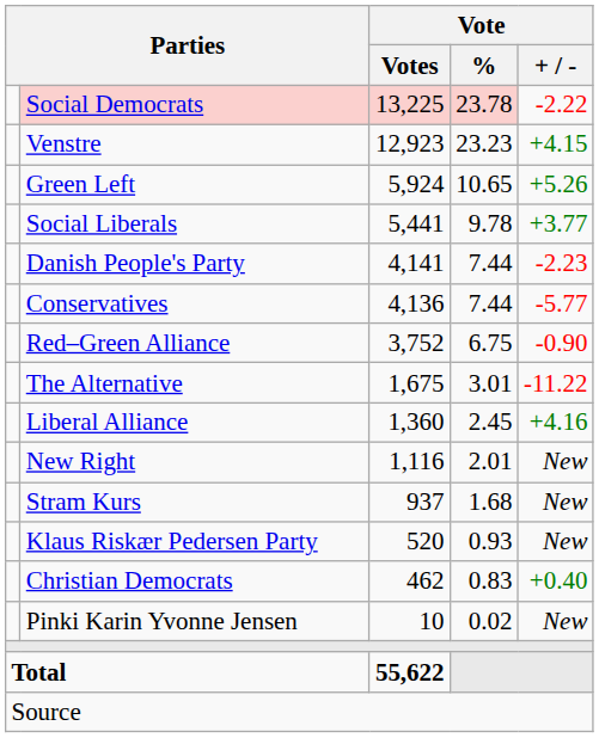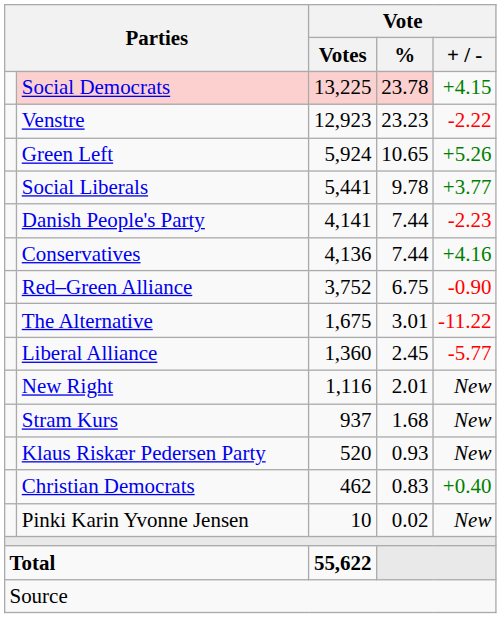 <table class="wikitable" style="text-align:right;">
 <tr>
 <th style="text-align:centre;" rowspan="2" colspan="2" width="225">Parties</th>
 <th colspan="3">Vote</th>
 </tr>
 <tr>
 <th width="15">Votes</th>
 <th width="15">%</th>
 <th width="15">+ / -</th>
 </tr>
 <tr>
 <td width="2" style="color:inherit;background:"></td>
 <td bgcolor=#fbd0ce  align="left"><a href='#'>Social Democrats</a></td>
 <td bgcolor=#fbd0ce>13,225</td>
 <td bgcolor=#fbd0ce>23.78</td>
-<td style=color:red;>-2.22</td>
+<td style=color:green;>+4.15</td>
 </tr>
 <tr>
 <td width="2" style="color:inherit;background:"></td>
 <td align="left"><a href='#'>Venstre</a></td>
 <td>12,923</td>
 <td>23.23</td>
-<td style=color:green;>+4.15</td>
+<td style=color:red;>-2.22</td>
 </tr>
 <tr>
 <td width="2" style="color:inherit;background:"></td>
 <td align="left"><a href='#'>Green Left</a></td>
 <td>5,924</td>
 <td>10.65</td>
 <td style=color:green;>+5.26</td>
 </tr>
 <tr>
 <td width="2" style="color:inherit;background:"></td>
 <td align="left"><a href='#'>Social Liberals</a></td>
 <td>5,441</td>
 <td>9.78</td>
 <td style=color:green;>+3.77</td>
 </tr>
 <tr>
 <td width="2" style="color:inherit;background:"></td>
 <td align="left"><a href='#'>Danish People's Party</a></td>
 <td>4,141</td>
 <td>7.44</td>
 <td style=color:red;>-2.23</td>
 </tr>
 <tr>
 <td width="2" style="color:inherit;background:"></td>
 <td align="left"><a href='#'>Conservatives</a></td>
 <td>4,136</td>
 <td>7.44</td>
-<td style=color:red;>-5.77</td>
+<td style=color:green;>+4.16</td>
 </tr>
 <tr>
 <td width="2" style="color:inherit;background:"></td>
 <td align="left"><a href='#'>Red–Green Alliance</a></td>
 <td>3,752</td>
 <td>6.75</td>
 <td style=color:red;>-0.90</td>
 </tr>
 <tr>
 <td width="2" style="color:inherit;background:"></td>
 <td align="left"><a href='#'>The Alternative</a></td>
 <td>1,675</td>
 <td>3.01</td>
 <td style=color:red;>-11.22</td>
 </tr>
 <tr>
 <td width="2" style="color:inherit;background:"></td>
 <td align="left"><a href='#'>Liberal Alliance</a></td>
 <td>1,360</td>
 <td>2.45</td>
-<td style=color:green;>+4.16</td>
+<td style=color:red;>-5.77</td>
 </tr>
 <tr>
 <td width="2" style="color:inherit;background:"></td>
 <td align="left"><a href='#'>New Right</a></td>
 <td>1,116</td>
 <td>2.01</td>
 <td><em>New</em></td>
 </tr>
 <tr>
 <td width="2" style="color:inherit;background:"></td>
 <td align="left"><a href='#'>Stram Kurs</a></td>
 <td>937</td>
 <td>1.68</td>
 <td><em>New</em></td>
 </tr>
 <tr>
 <td width="2" style="color:inherit;background:"></td>
 <td align="left"><a href='#'>Klaus Riskær Pedersen Party</a></td>
 <td>520</td>
 <td>0.93</td>
 <td><em>New</em></td>
 </tr>
 <tr>
 <td width="2" style="color:inherit;background:"></td>
 <td align="left"><a href='#'>Christian Democrats</a></td>
 <td>462</td>
 <td>0.83</td>
 <td style=color:green;>+0.40</td>
 </tr>
 <tr>
 <td width="2" style="color:inherit;background:"></td>
 <td align="left">Pinki Karin Yvonne Jensen</td>
 <td>10</td>
 <td>0.02</td>
 <td><em>New</em></td>
 </tr>
 <tr>
 <td colspan="7" bgcolor="#E9E9E9"></td>
 </tr>
 <tr>
 <td align="left" colspan="2"><strong>Total</strong></td>
 <td><strong>55,622</strong></td>
 <td bgcolor="#E9E9E9" colspan="2"></td>
 </tr>
 <tr>
 <td align="left" colspan="6">Source</td>
 </tr>
 </table>
